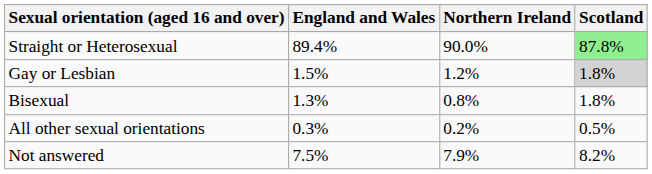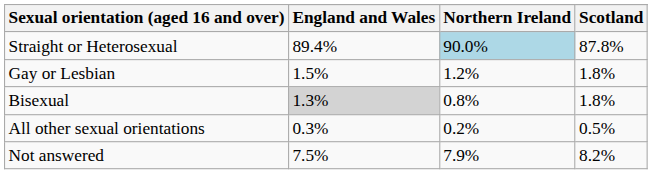 <table class="wikitable">
 <tr>
 <th rowspan="2">Sexual orientation (aged 16 and over)</th>
 </tr>
 <tr>
 <th>England and Wales</th>
 <th>Northern Ireland</th>
 <th>Scotland</th>
 </tr>
 <tr>
 <td>Straight or Heterosexual</td>
 <td>89.4%</td>
-<td>90.0%</td>
-<td style="background: lightgreen;">87.8%</td>
+<td style="background: lightblue;">90.0%</td>
+<td>87.8%</td>
 </tr>
 <tr>
 <td>Gay or Lesbian</td>
 <td>1.5%</td>
 <td>1.2%</td>
-<td style="background: lightgrey;">1.8%</td>
+<td>1.8%</td>
 </tr>
 <tr>
 <td>Bisexual</td>
-<td>1.3%</td>
+<td style="background: lightgrey;">1.3%</td>
 <td>0.8%</td>
 <td>1.8%</td>
 </tr>
 <tr>
 <td>All other sexual orientations</td>
 <td>0.3%</td>
 <td>0.2%</td>
 <td>0.5%</td>
 </tr>
 <tr>
 <td>Not answered</td>
 <td>7.5%</td>
 <td>7.9%</td>
 <td>8.2%</td>
 </tr>
 </table>
